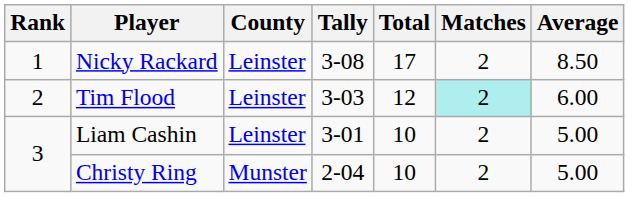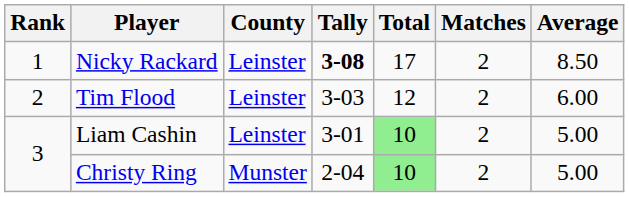 <table class="wikitable">
 <tr>
 <th>Rank</th>
 <th>Player</th>
 <th>County</th>
 <th>Tally</th>
 <th>Total</th>
 <th>Matches</th>
 <th>Average</th>
 </tr>
 <tr>
 <td rowspan=1 align=center>1</td>
 <td><a href='#'>Nicky Rackard</a></td>
 <td><a href='#'>Leinster</a></td>
-<td align=center>3-08</td>
+<td align=center><strong>3-08</strong></td>
 <td align=center>17</td>
 <td align=center>2</td>
 <td align=center>8.50</td>
 </tr>
 <tr>
 <td rowspan=1 align=center>2</td>
 <td><a href='#'>Tim Flood</a></td>
 <td><a href='#'>Leinster</a></td>
 <td align=center>3-03</td>
 <td align=center>12</td>
-<td align=center style="background: paleturquoise;">2</td>
+<td align=center>2</td>
 <td align=center>6.00</td>
 </tr>
 <tr>
 <td rowspan=2 align=center>3</td>
 <td>Liam Cashin</td>
 <td><a href='#'>Leinster</a></td>
 <td align=center>3-01</td>
-<td align=center>10</td>
+<td align=center style="background: lightgreen;">10</td>
 <td align=center>2</td>
 <td align=center>5.00</td>
 </tr>
 <tr>
 <td><a href='#'>Christy Ring</a></td>
 <td><a href='#'>Munster</a></td>
 <td align=center>2-04</td>
-<td align=center>10</td>
+<td align=center style="background: lightgreen;">10</td>
 <td align=center>2</td>
 <td align=center>5.00</td>
 </tr>
 </table>
